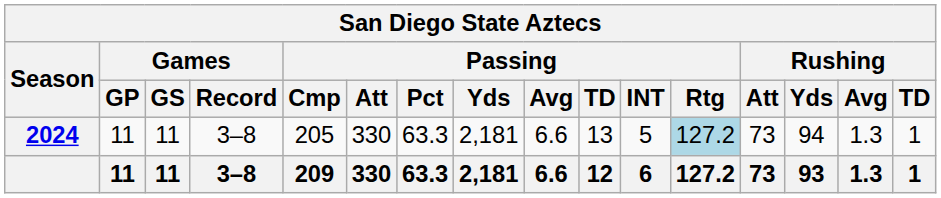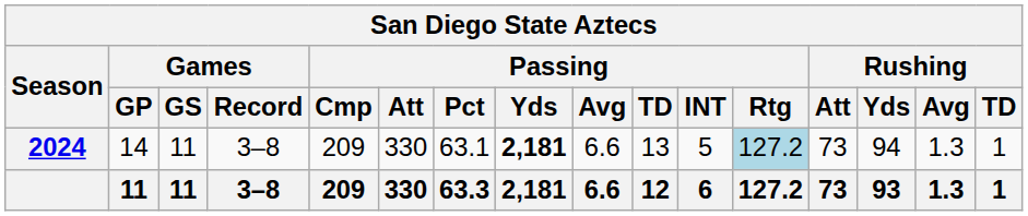 <table class="wikitable" style="text-align:center;">
 <tr>
 <th colspan="16">San Diego State Aztecs</th>
 </tr>
 <tr>
 <th rowspan="2">Season</th>
 <th colspan="3">Games</th>
 <th colspan="8">Passing</th>
 <th colspan="4">Rushing</th>
 </tr>
 <tr>
 <th>GP</th>
 <th>GS</th>
 <th>Record</th>
 <th>Cmp</th>
 <th>Att</th>
 <th>Pct</th>
 <th>Yds</th>
 <th>Avg</th>
 <th>TD</th>
 <th>INT</th>
 <th>Rtg</th>
 <th>Att</th>
 <th>Yds</th>
 <th>Avg</th>
 <th>TD</th>
 </tr>
 <tr>
 <th><a href='#'>2024</a></th>
-<td>11</td>
+<td>14</td>
 <td>11</td>
 <td>3–8</td>
-<td>205</td>
+<td>209</td>
 <td>330</td>
-<td>63.3</td>
-<td>2,181</td>
+<td>63.1</td>
+<td><strong>2,181</strong></td>
 <td>6.6</td>
 <td>13</td>
 <td>5</td>
 <td style="background: lightblue;">127.2</td>
 <td>73</td>
 <td>94</td>
 <td>1.3</td>
 <td>1</td>
 </tr>
 <tr>
 <th></th>
 <th>11</th>
 <th>11</th>
 <th>3–8</th>
 <th>209</th>
 <th>330</th>
 <th>63.3</th>
 <th>2,181</th>
 <th>6.6</th>
 <th>12</th>
 <th>6</th>
 <th>127.2</th>
 <th>73</th>
 <th>93</th>
 <th>1.3</th>
 <th>1</th>
 </tr>
 </table>
